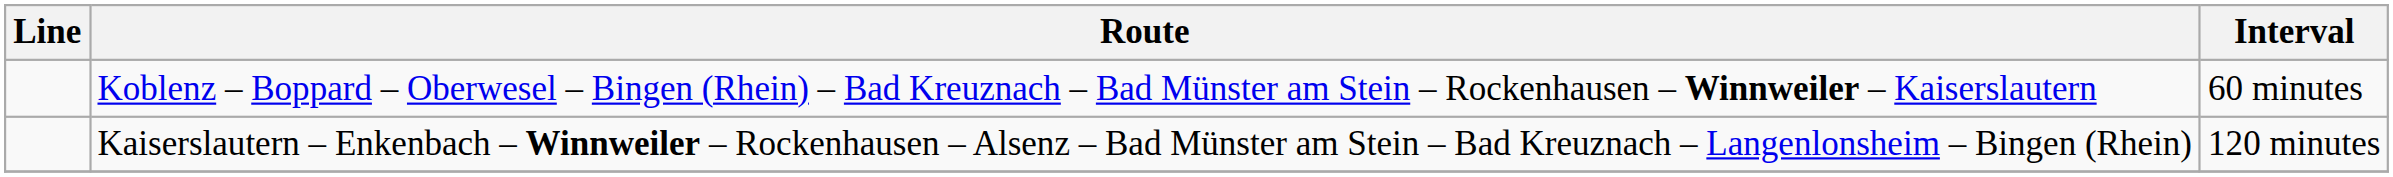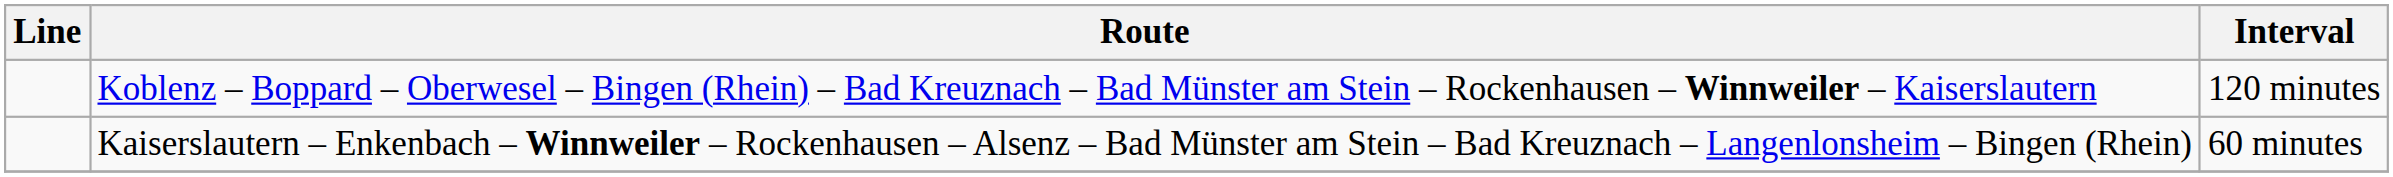 <table class="wikitable">
 <tr>
 <th>Line</th>
 <th>Route</th>
 <th>Interval</th>
 </tr>
 <tr>
 <td></td>
 <td><a href='#'>Koblenz</a> – <a href='#'>Boppard</a> – <a href='#'>Oberwesel</a> – <a href='#'>Bingen (Rhein)</a> – <a href='#'>Bad Kreuznach</a> – <a href='#'>Bad Münster am Stein</a> – Rockenhausen – <strong>Winnweiler</strong> – <a href='#'>Kaiserslautern</a></td>
-<td>60 minutes</td>
+<td>120 minutes</td>
 </tr>
 <tr>
 <td></td>
 <td>Kaiserslautern – Enkenbach – <strong>Winnweiler</strong> – Rockenhausen – Alsenz – Bad Münster am Stein – Bad Kreuznach – <a href='#'>Langenlonsheim</a> – Bingen (Rhein)</td>
-<td>120 minutes</td>
+<td>60 minutes</td>
 </tr>
 <tr>
 </tr>
 </table>
